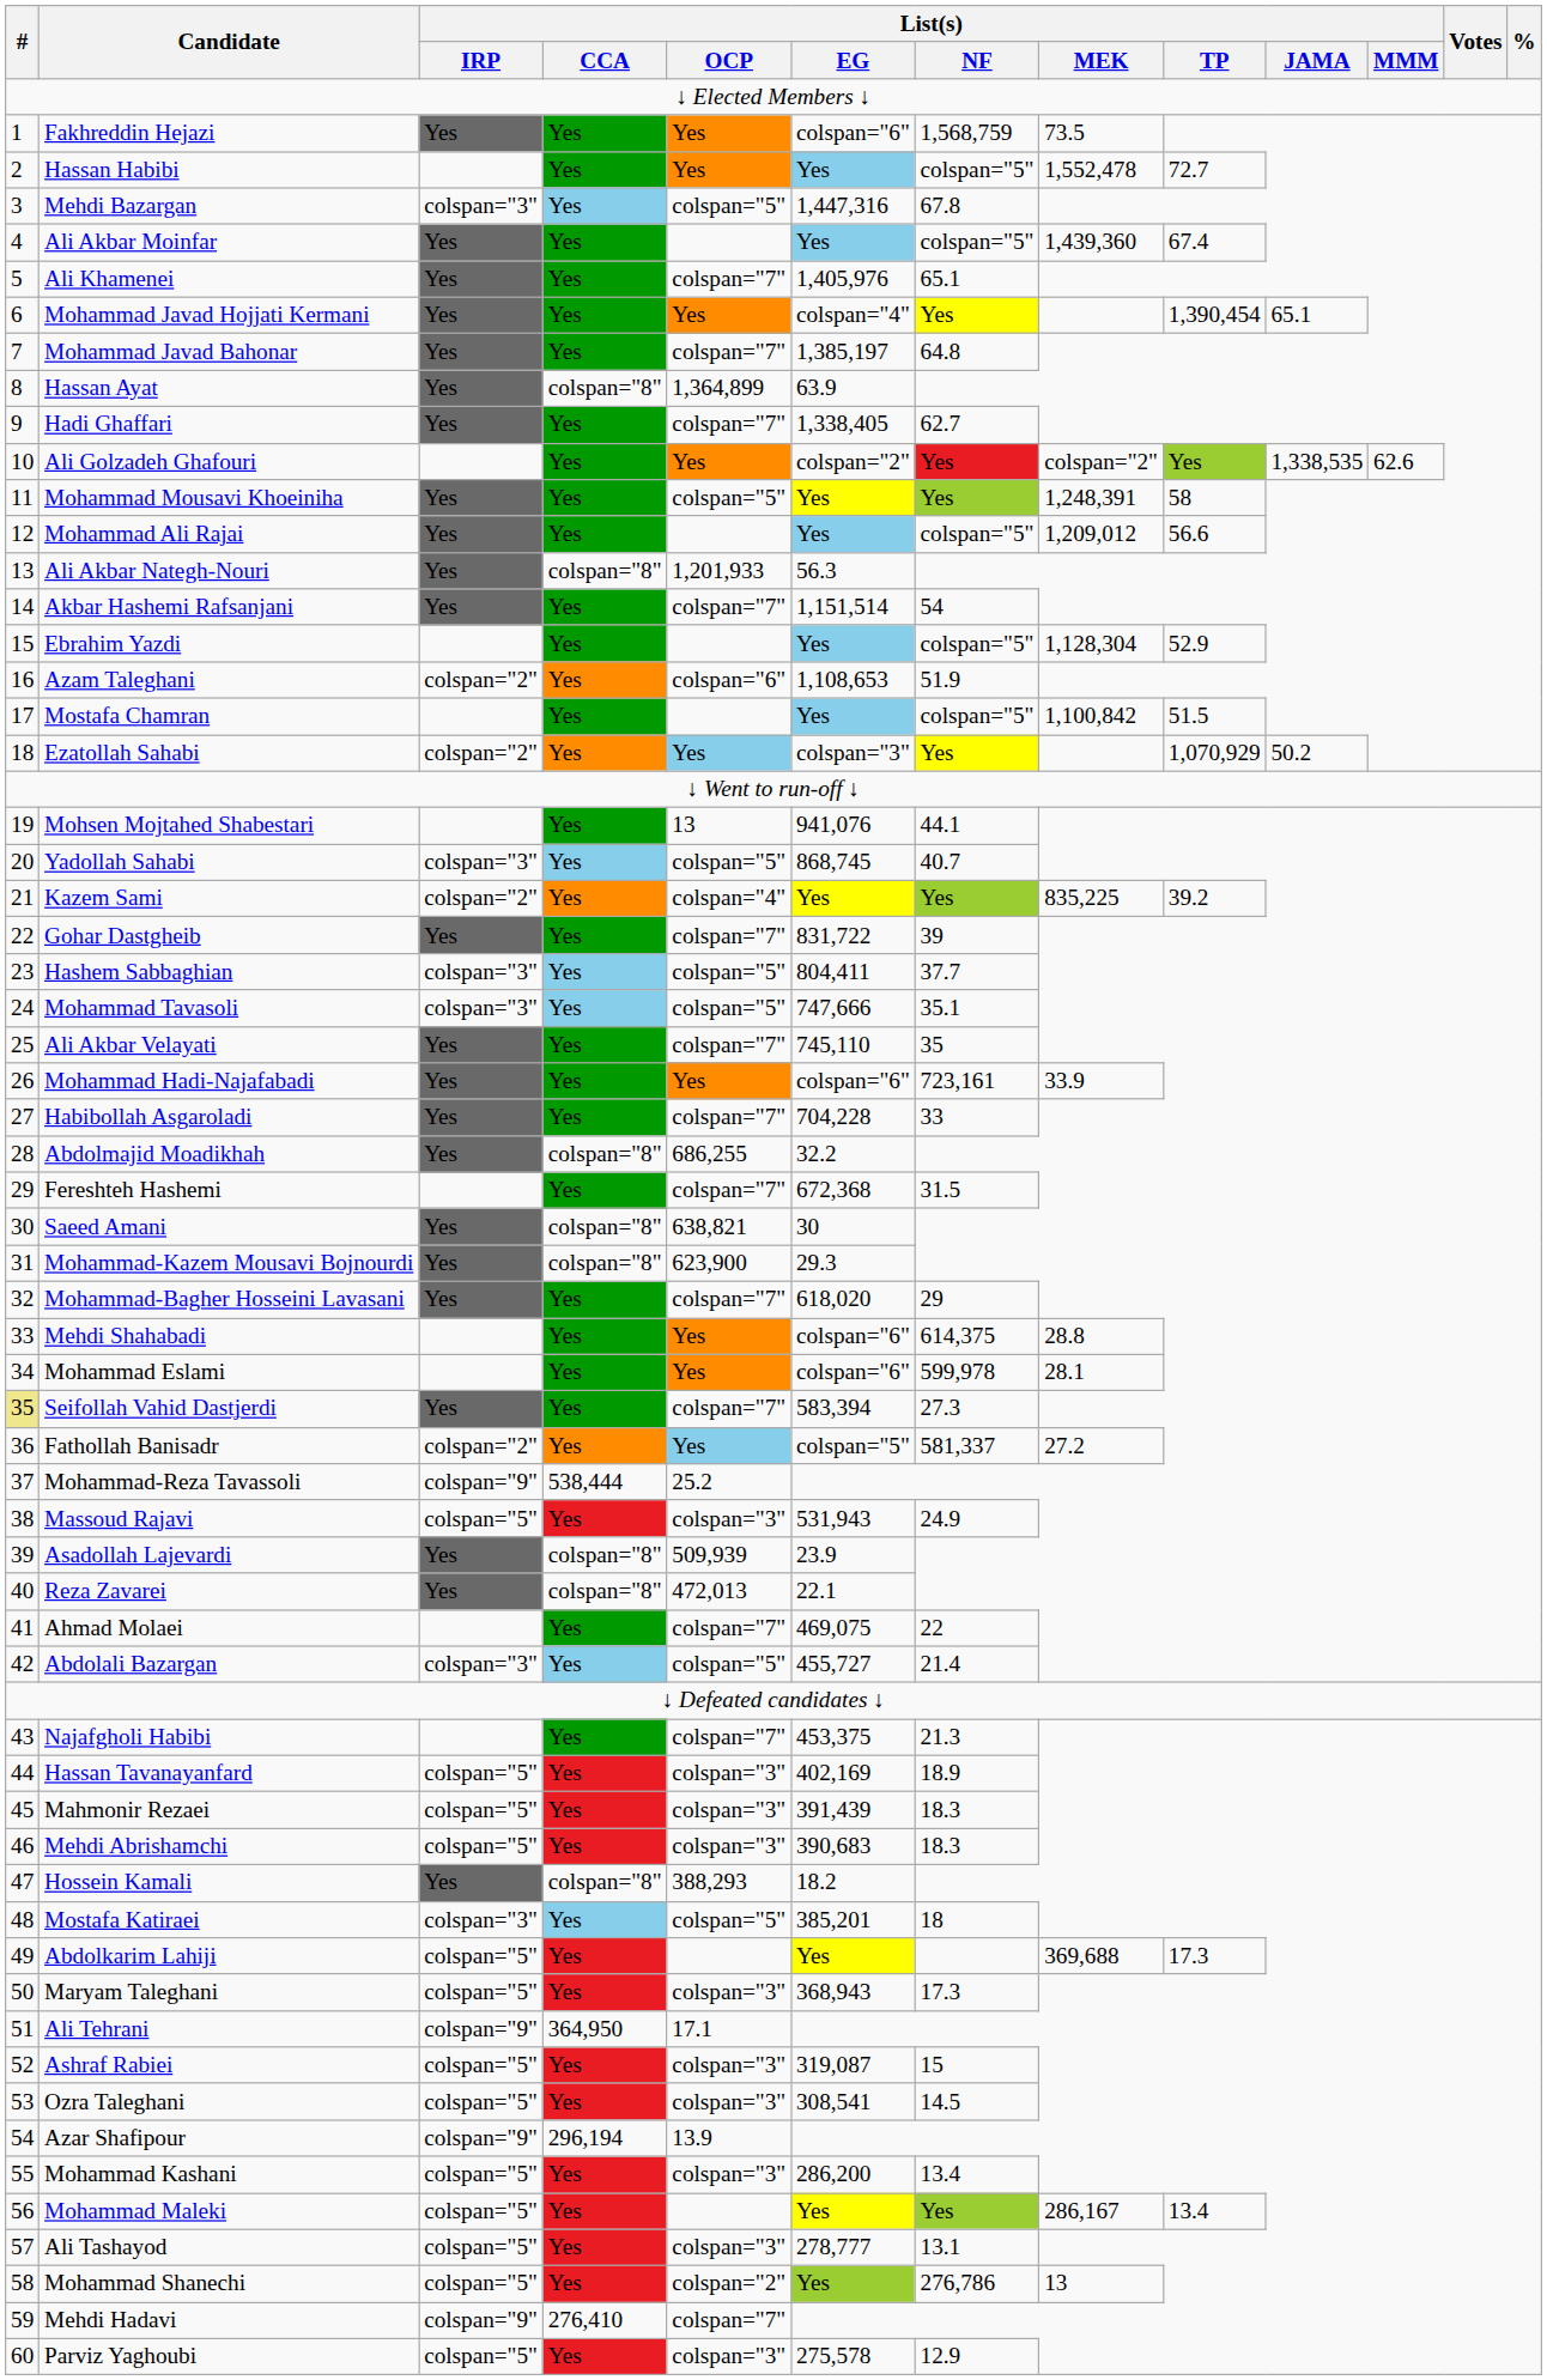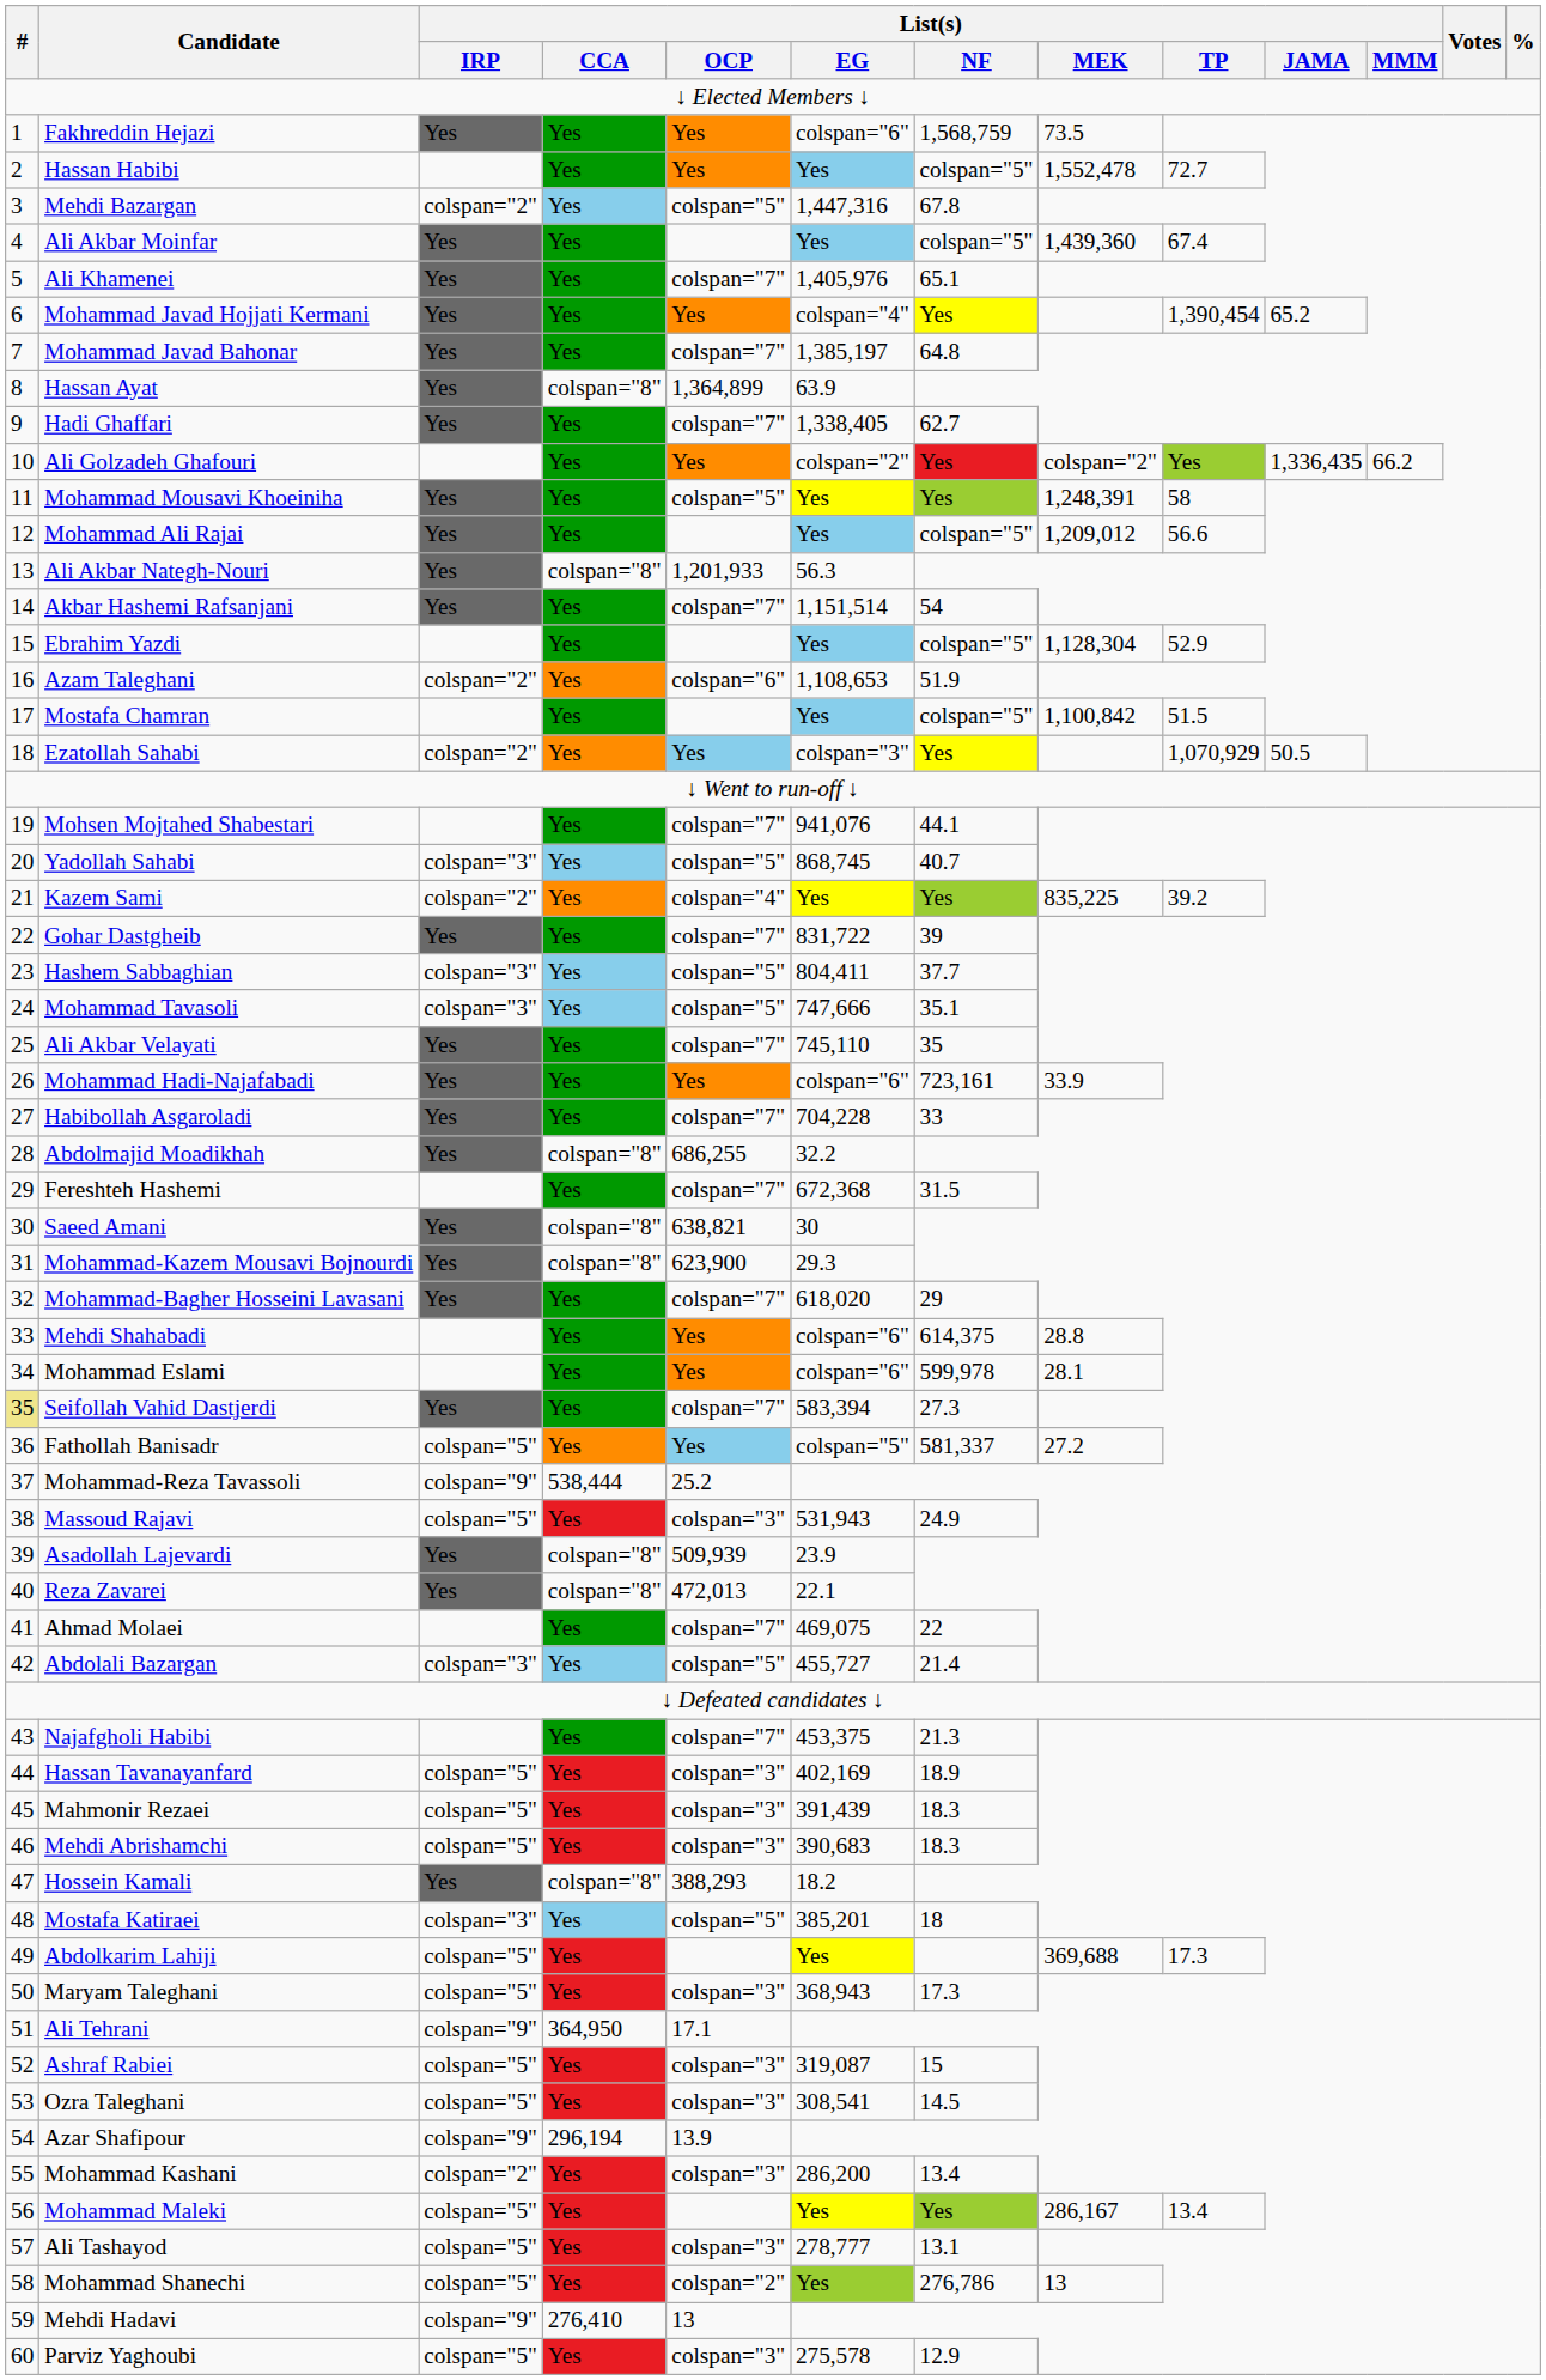 <table class="wikitable">
 <tr>
 <th rowspan="2">#</th>
 <th rowspan="2">Candidate</th>
 <th colspan="9">List(s)</th>
 <th rowspan="2">Votes</th>
 <th rowspan="2">%</th>
 </tr>
 <tr>
 <th><a href='#'>IRP</a></th>
 <th><a href='#'>CCA</a></th>
 <th><a href='#'>OCP</a></th>
 <th><a href='#'>EG</a></th>
 <th><a href='#'>NF</a></th>
 <th><a href='#'>MEK</a></th>
 <th><a href='#'>TP</a></th>
 <th><a href='#'>JAMA</a></th>
 <th><a href='#'>MMM</a></th>
 </tr>
 <tr>
 <td align=center colspan="17">↓ <em>Elected Members</em> ↓</td>
 </tr>
 <tr>
 <td>1</td>
 <td><a href='#'>Fakhreddin Hejazi</a></td>
 <td style="background:#696969;"><span>Yes</span></td>
 <td style="background:#009900;"><span>Yes</span></td>
 <td style="background:#FF8C00;"><span>Yes</span></td>
 <td>colspan="6" </td>
 <td>1,568,759</td>
 <td>73.5</td>
 </tr>
 <tr>
 <td>2</td>
 <td><a href='#'>Hassan Habibi</a></td>
 <td></td>
 <td style="background:#009900;"><span>Yes</span></td>
 <td style="background:#FF8C00;"><span>Yes</span></td>
 <td style="background:#87CEEB;"><span>Yes</span></td>
 <td>colspan="5" </td>
 <td>1,552,478</td>
 <td>72.7</td>
 </tr>
 <tr>
 <td>3</td>
 <td><a href='#'>Mehdi Bazargan</a></td>
-<td>colspan="3" </td>
+<td>colspan="2" </td>
 <td style="background:#87CEEB;"><span>Yes</span></td>
 <td>colspan="5" </td>
 <td>1,447,316</td>
 <td>67.8</td>
 </tr>
 <tr>
 <td>4</td>
 <td><a href='#'>Ali Akbar Moinfar</a></td>
 <td style="background:#696969;"><span>Yes</span></td>
 <td style="background:#009900;"><span>Yes</span></td>
 <td></td>
 <td style="background:#87CEEB;"><span>Yes</span></td>
 <td>colspan="5" </td>
 <td>1,439,360</td>
 <td>67.4</td>
 </tr>
 <tr>
 <td>5</td>
 <td><a href='#'>Ali Khamenei</a></td>
 <td style="background:#696969;"><span>Yes</span></td>
 <td style="background:#009900;"><span>Yes</span></td>
 <td>colspan="7" </td>
 <td>1,405,976</td>
 <td>65.1</td>
 </tr>
 <tr>
 <td>6</td>
 <td><a href='#'>Mohammad Javad Hojjati Kermani</a></td>
 <td style="background:#696969;"><span>Yes</span></td>
 <td style="background:#009900;"><span>Yes</span></td>
 <td style="background:#FF8C00;"><span>Yes</span></td>
 <td>colspan="4" </td>
 <td style="background:#FFFF00;"><span>Yes</span></td>
 <td></td>
 <td>1,390,454</td>
-<td>65.1</td>
+<td>65.2</td>
 </tr>
 <tr>
 <td>7</td>
 <td><a href='#'>Mohammad Javad Bahonar</a></td>
 <td style="background:#696969;"><span>Yes</span></td>
 <td style="background:#009900;"><span>Yes</span></td>
 <td>colspan="7" </td>
 <td>1,385,197</td>
 <td>64.8</td>
 </tr>
 <tr>
 <td>8</td>
 <td><a href='#'>Hassan Ayat</a></td>
 <td style="background:#696969;"><span>Yes</span></td>
 <td>colspan="8" </td>
 <td>1,364,899</td>
 <td>63.9</td>
 </tr>
 <tr>
 <td>9</td>
 <td><a href='#'>Hadi Ghaffari</a></td>
 <td style="background:#696969;"><span>Yes</span></td>
 <td style="background:#009900;"><span>Yes</span></td>
 <td>colspan="7" </td>
 <td>1,338,405</td>
 <td>62.7</td>
 </tr>
 <tr>
 <td>10</td>
 <td><a href='#'>Ali Golzadeh Ghafouri</a></td>
 <td></td>
 <td style="background:#009900;"><span>Yes</span></td>
 <td style="background:#FF8C00;"><span>Yes</span></td>
 <td>colspan="2" </td>
 <td style="background:#e91c23;"><span>Yes</span></td>
 <td>colspan="2" </td>
 <td style="background:#9ACD32;"><span>Yes</span></td>
-<td>1,338,535</td>
-<td>62.6</td>
+<td>1,336,435</td>
+<td>66.2</td>
 </tr>
 <tr>
 <td>11</td>
 <td><a href='#'>Mohammad Mousavi Khoeiniha</a></td>
 <td style="background:#696969;"><span>Yes</span></td>
 <td style="background:#009900;"><span>Yes</span></td>
 <td>colspan="5" </td>
 <td style="background:#FFFF00;"><span>Yes</span></td>
 <td style="background:#9ACD32;"><span>Yes</span></td>
 <td>1,248,391</td>
 <td>58</td>
 </tr>
 <tr>
 <td>12</td>
 <td><a href='#'>Mohammad Ali Rajai</a></td>
 <td style="background:#696969;"><span>Yes</span></td>
 <td style="background:#009900;"><span>Yes</span></td>
 <td></td>
 <td style="background:#87CEEB;"><span>Yes</span></td>
 <td>colspan="5" </td>
 <td>1,209,012</td>
 <td>56.6</td>
 </tr>
 <tr>
 <td>13</td>
 <td><a href='#'>Ali Akbar Nategh-Nouri</a></td>
 <td style="background:#696969;"><span>Yes</span></td>
 <td>colspan="8" </td>
 <td>1,201,933</td>
 <td>56.3</td>
 </tr>
 <tr>
 <td>14</td>
 <td><a href='#'>Akbar Hashemi Rafsanjani</a></td>
 <td style="background:#696969;"><span>Yes</span></td>
 <td style="background:#009900;"><span>Yes</span></td>
 <td>colspan="7" </td>
 <td>1,151,514</td>
 <td>54</td>
 </tr>
 <tr>
 <td>15</td>
 <td><a href='#'>Ebrahim Yazdi</a></td>
 <td></td>
 <td style="background:#009900;"><span>Yes</span></td>
 <td></td>
 <td style="background:#87CEEB;"><span>Yes</span></td>
 <td>colspan="5" </td>
 <td>1,128,304</td>
 <td>52.9</td>
 </tr>
 <tr>
 <td>16</td>
 <td><a href='#'>Azam Taleghani</a></td>
 <td>colspan="2" </td>
 <td style="background:#FF8C00;"><span>Yes</span></td>
 <td>colspan="6" </td>
 <td>1,108,653</td>
 <td>51.9</td>
 </tr>
 <tr>
 <td>17</td>
 <td><a href='#'>Mostafa Chamran</a></td>
 <td></td>
 <td style="background:#009900;"><span>Yes</span></td>
 <td></td>
 <td style="background:#87CEEB;"><span>Yes</span></td>
 <td>colspan="5" </td>
 <td>1,100,842</td>
 <td>51.5</td>
 </tr>
 <tr>
 <td>18</td>
 <td><a href='#'>Ezatollah Sahabi</a></td>
 <td>colspan="2" </td>
 <td style="background:#FF8C00;"><span>Yes</span></td>
 <td style="background:#87CEEB;"><span>Yes</span></td>
 <td>colspan="3" </td>
 <td style="background:#FFFF00;"><span>Yes</span></td>
 <td></td>
 <td>1,070,929</td>
-<td>50.2</td>
+<td>50.5</td>
 </tr>
 <tr>
 <td align=center colspan="17">↓ <em>Went to run-off</em> ↓</td>
 </tr>
 <tr>
 <td>19</td>
 <td><a href='#'>Mohsen Mojtahed Shabestari</a></td>
 <td></td>
 <td style="background:#009900;"><span>Yes</span></td>
-<td>13</td>
+<td>colspan="7" </td>
 <td>941,076</td>
 <td>44.1</td>
 </tr>
 <tr>
 <td>20</td>
 <td><a href='#'>Yadollah Sahabi</a></td>
 <td>colspan="3" </td>
 <td style="background:#87CEEB;"><span>Yes</span></td>
 <td>colspan="5" </td>
 <td>868,745</td>
 <td>40.7</td>
 </tr>
 <tr>
 <td>21</td>
 <td><a href='#'>Kazem Sami</a></td>
 <td>colspan="2" </td>
 <td style="background:#FF8C00;"><span>Yes</span></td>
 <td>colspan="4" </td>
 <td style="background:#FFFF00;"><span>Yes</span></td>
 <td style="background:#9ACD32;"><span>Yes</span></td>
 <td>835,225</td>
 <td>39.2</td>
 </tr>
 <tr>
 <td>22</td>
 <td><a href='#'>Gohar Dastgheib</a></td>
 <td style="background:#696969;"><span>Yes</span></td>
 <td style="background:#009900;"><span>Yes</span></td>
 <td>colspan="7" </td>
 <td>831,722</td>
 <td>39</td>
 </tr>
 <tr>
 <td>23</td>
 <td><a href='#'>Hashem Sabbaghian</a></td>
 <td>colspan="3" </td>
 <td style="background:#87CEEB;"><span>Yes</span></td>
 <td>colspan="5" </td>
 <td>804,411</td>
 <td>37.7</td>
 </tr>
 <tr>
 <td>24</td>
 <td><a href='#'>Mohammad Tavasoli</a></td>
 <td>colspan="3" </td>
 <td style="background:#87CEEB;"><span>Yes</span></td>
 <td>colspan="5" </td>
 <td>747,666</td>
 <td>35.1</td>
 </tr>
 <tr>
 <td>25</td>
 <td><a href='#'>Ali Akbar Velayati</a></td>
 <td style="background:#696969;"><span>Yes</span></td>
 <td style="background:#009900;"><span>Yes</span></td>
 <td>colspan="7" </td>
 <td>745,110</td>
 <td>35</td>
 </tr>
 <tr>
 <td>26</td>
 <td><a href='#'>Mohammad Hadi-Najafabadi</a></td>
 <td style="background:#696969;"><span>Yes</span></td>
 <td style="background:#009900;"><span>Yes</span></td>
 <td style="background:#FF8C00;"><span>Yes</span></td>
 <td>colspan="6" </td>
 <td>723,161</td>
 <td>33.9</td>
 </tr>
 <tr>
 <td>27</td>
 <td><a href='#'>Habibollah Asgaroladi</a></td>
 <td style="background:#696969;"><span>Yes</span></td>
 <td style="background:#009900;"><span>Yes</span></td>
 <td>colspan="7" </td>
 <td>704,228</td>
 <td>33</td>
 </tr>
 <tr>
 <td>28</td>
 <td><a href='#'>Abdolmajid Moadikhah</a></td>
 <td style="background:#696969;"><span>Yes</span></td>
 <td>colspan="8" </td>
 <td>686,255</td>
 <td>32.2</td>
 </tr>
 <tr>
 <td>29</td>
 <td>Fereshteh Hashemi</td>
 <td></td>
 <td style="background:#009900;"><span>Yes</span></td>
 <td>colspan="7" </td>
 <td>672,368</td>
 <td>31.5</td>
 </tr>
 <tr>
 <td>30</td>
 <td><a href='#'>Saeed Amani</a></td>
 <td style="background:#696969;"><span>Yes</span></td>
 <td>colspan="8" </td>
 <td>638,821</td>
 <td>30</td>
 </tr>
 <tr>
 <td>31</td>
 <td><a href='#'>Mohammad-Kazem Mousavi Bojnourdi</a></td>
 <td style="background:#696969;"><span>Yes</span></td>
 <td>colspan="8" </td>
 <td>623,900</td>
 <td>29.3</td>
 </tr>
 <tr>
 <td>32</td>
 <td><a href='#'>Mohammad-Bagher Hosseini Lavasani</a></td>
 <td style="background:#696969;"><span>Yes</span></td>
 <td style="background:#009900;"><span>Yes</span></td>
 <td>colspan="7" </td>
 <td>618,020</td>
 <td>29</td>
 </tr>
 <tr>
 <td>33</td>
 <td><a href='#'>Mehdi Shahabadi</a></td>
 <td></td>
 <td style="background:#009900;"><span>Yes</span></td>
 <td style="background:#FF8C00;"><span>Yes</span></td>
 <td>colspan="6" </td>
 <td>614,375</td>
 <td>28.8</td>
 </tr>
 <tr>
 <td>34</td>
 <td>Mohammad Eslami</td>
 <td></td>
 <td style="background:#009900;"><span>Yes</span></td>
 <td style="background:#FF8C00;"><span>Yes</span></td>
 <td>colspan="6" </td>
 <td>599,978</td>
 <td>28.1</td>
 </tr>
 <tr>
 <td style="background: khaki;">35</td>
 <td><a href='#'>Seifollah Vahid Dastjerdi</a></td>
 <td style="background:#696969;"><span>Yes</span></td>
 <td style="background:#009900;"><span>Yes</span></td>
 <td>colspan="7" </td>
 <td>583,394</td>
 <td>27.3</td>
 </tr>
 <tr>
 <td>36</td>
 <td>Fathollah Banisadr</td>
-<td>colspan="2" </td>
+<td>colspan="5" </td>
 <td style="background:#FF8C00;"><span>Yes</span></td>
 <td style="background:#87CEEB;"><span>Yes</span></td>
 <td>colspan="5" </td>
 <td>581,337</td>
 <td>27.2</td>
 </tr>
 <tr>
 <td>37</td>
 <td>Mohammad-Reza Tavassoli</td>
 <td>colspan="9" </td>
 <td>538,444</td>
 <td>25.2</td>
 </tr>
 <tr>
 <td>38</td>
 <td><a href='#'>Massoud Rajavi</a></td>
 <td>colspan="5" </td>
 <td style="background:#e91c23;"><span>Yes</span></td>
 <td>colspan="3" </td>
 <td>531,943</td>
 <td>24.9</td>
 </tr>
 <tr>
 <td>39</td>
 <td><a href='#'>Asadollah Lajevardi</a></td>
 <td style="background:#696969;"><span>Yes</span></td>
 <td>colspan="8" </td>
 <td>509,939</td>
 <td>23.9</td>
 </tr>
 <tr>
 <td>40</td>
 <td><a href='#'>Reza Zavarei</a></td>
 <td style="background:#696969;"><span>Yes</span></td>
 <td>colspan="8" </td>
 <td>472,013</td>
 <td>22.1</td>
 </tr>
 <tr>
 <td>41</td>
 <td>Ahmad Molaei</td>
 <td></td>
 <td style="background:#009900;"><span>Yes</span></td>
 <td>colspan="7" </td>
 <td>469,075</td>
 <td>22</td>
 </tr>
 <tr>
 <td>42</td>
 <td><a href='#'>Abdolali Bazargan</a></td>
 <td>colspan="3" </td>
 <td style="background:#87CEEB;"><span>Yes</span></td>
 <td>colspan="5" </td>
 <td>455,727</td>
 <td>21.4</td>
 </tr>
 <tr>
 <td align=center colspan="17">↓ <em>Defeated candidates</em> ↓</td>
 </tr>
 <tr>
 <td>43</td>
 <td><a href='#'>Najafgholi Habibi</a></td>
 <td></td>
 <td style="background:#009900;"><span>Yes</span></td>
 <td>colspan="7" </td>
 <td>453,375</td>
 <td>21.3</td>
 </tr>
 <tr>
 <td>44</td>
 <td><a href='#'>Hassan Tavanayanfard</a></td>
 <td>colspan="5" </td>
 <td style="background:#e91c23;"><span>Yes</span></td>
 <td>colspan="3" </td>
 <td>402,169</td>
 <td>18.9</td>
 </tr>
 <tr>
 <td>45</td>
 <td>Mahmonir Rezaei</td>
 <td>colspan="5" </td>
 <td style="background:#e91c23;"><span>Yes</span></td>
 <td>colspan="3" </td>
 <td>391,439</td>
 <td>18.3</td>
 </tr>
 <tr>
 <td>46</td>
 <td><a href='#'>Mehdi Abrishamchi</a></td>
 <td>colspan="5" </td>
 <td style="background:#e91c23;"><span>Yes</span></td>
 <td>colspan="3" </td>
 <td>390,683</td>
 <td>18.3</td>
 </tr>
 <tr>
 <td>47</td>
 <td><a href='#'>Hossein Kamali</a></td>
 <td style="background:#696969;"><span>Yes</span></td>
 <td>colspan="8" </td>
 <td>388,293</td>
 <td>18.2</td>
 </tr>
 <tr>
 <td>48</td>
 <td><a href='#'>Mostafa Katiraei</a></td>
 <td>colspan="3" </td>
 <td style="background:#87CEEB;"><span>Yes</span></td>
 <td>colspan="5" </td>
 <td>385,201</td>
 <td>18</td>
 </tr>
 <tr>
 <td>49</td>
 <td><a href='#'>Abdolkarim Lahiji</a></td>
 <td>colspan="5" </td>
 <td style="background:#e91c23;"><span>Yes</span></td>
 <td></td>
 <td style="background:#FFFF00;"><span>Yes</span></td>
 <td></td>
 <td>369,688</td>
 <td>17.3</td>
 </tr>
 <tr>
 <td>50</td>
 <td>Maryam Taleghani</td>
 <td>colspan="5" </td>
 <td style="background:#e91c23;"><span>Yes</span></td>
 <td>colspan="3" </td>
 <td>368,943</td>
 <td>17.3</td>
 </tr>
 <tr>
 <td>51</td>
 <td><a href='#'>Ali Tehrani</a></td>
 <td>colspan="9" </td>
 <td>364,950</td>
 <td>17.1</td>
 </tr>
 <tr>
 <td>52</td>
 <td><a href='#'>Ashraf Rabiei</a></td>
 <td>colspan="5" </td>
 <td style="background:#e91c23;"><span>Yes</span></td>
 <td>colspan="3" </td>
 <td>319,087</td>
 <td>15</td>
 </tr>
 <tr>
 <td>53</td>
 <td>Ozra Taleghani</td>
 <td>colspan="5" </td>
 <td style="background:#e91c23;"><span>Yes</span></td>
 <td>colspan="3" </td>
 <td>308,541</td>
 <td>14.5</td>
 </tr>
 <tr>
 <td>54</td>
 <td>Azar Shafipour</td>
 <td>colspan="9" </td>
 <td>296,194</td>
 <td>13.9</td>
 </tr>
 <tr>
 <td>55</td>
 <td>Mohammad Kashani</td>
-<td>colspan="5" </td>
+<td>colspan="2" </td>
 <td style="background:#e91c23;"><span>Yes</span></td>
 <td>colspan="3" </td>
 <td>286,200</td>
 <td>13.4</td>
 </tr>
 <tr>
 <td>56</td>
 <td><a href='#'>Mohammad Maleki</a></td>
 <td>colspan="5" </td>
 <td style="background:#e91c23;"><span>Yes</span></td>
 <td></td>
 <td style="background:#FFFF00;"><span>Yes</span></td>
 <td style="background:#9ACD32;"><span>Yes</span></td>
 <td>286,167</td>
 <td>13.4</td>
 </tr>
 <tr>
 <td>57</td>
 <td>Ali Tashayod</td>
 <td>colspan="5" </td>
 <td style="background:#e91c23;"><span>Yes</span></td>
 <td>colspan="3" </td>
 <td>278,777</td>
 <td>13.1</td>
 </tr>
 <tr>
 <td>58</td>
 <td>Mohammad Shanechi</td>
 <td>colspan="5" </td>
 <td style="background:#e91c23;"><span>Yes</span></td>
 <td>colspan="2" </td>
 <td style="background:#9ACD32;"><span>Yes</span></td>
 <td>276,786</td>
 <td>13</td>
 </tr>
 <tr>
 <td>59</td>
 <td>Mehdi Hadavi</td>
 <td>colspan="9" </td>
 <td>276,410</td>
-<td>colspan="7" </td>
+<td>13</td>
 </tr>
 <tr>
 <td>60</td>
 <td>Parviz Yaghoubi</td>
 <td>colspan="5" </td>
 <td style="background:#e91c23;"><span>Yes</span></td>
 <td>colspan="3" </td>
 <td>275,578</td>
 <td>12.9</td>
 </tr>
 </table>
